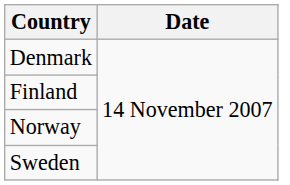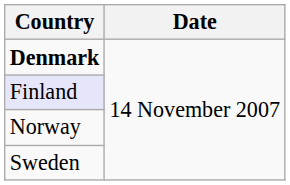 <table class="wikitable">
 <tr>
 <th>Country</th>
 <th>Date</th>
 </tr>
 <tr>
-<td>Denmark</td>
+<td><strong>Denmark</strong></td>
 <td rowspan="4">14 November 2007</td>
 </tr>
 <tr>
-<td>Finland</td>
+<td style="background: lavender;">Finland</td>
 </tr>
 <tr>
 <td>Norway</td>
 </tr>
 <tr>
 <td>Sweden</td>
 </tr>
 </table>
